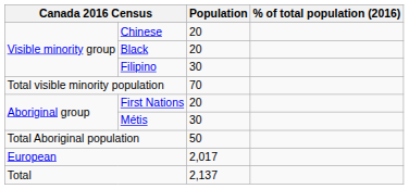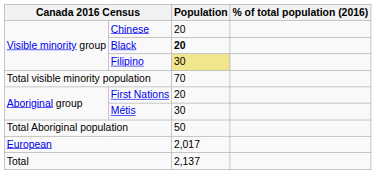 <table class="wikitable">
 <tr>
 <th colspan="2">Canada 2016 Census</th>
 <th>Population</th>
 <th>% of total population (2016)</th>
 </tr>
 <tr>
 <td rowspan="3"><a href='#'>Visible minority</a> group</td>
 <td><a href='#'>Chinese</a></td>
 <td>20</td>
 <td></td>
 </tr>
 <tr>
 <td><a href='#'>Black</a></td>
-<td>20</td>
+<td><strong>20</strong></td>
 <td></td>
 </tr>
 <tr>
 <td><a href='#'>Filipino</a></td>
-<td>30</td>
+<td style="background: khaki;">30</td>
 <td></td>
 </tr>
 <tr>
 <td colspan="2">Total visible minority population</td>
 <td>70</td>
 <td></td>
 </tr>
 <tr>
 <td rowspan="2"><a href='#'>Aboriginal</a> group</td>
 <td><a href='#'>First Nations</a></td>
 <td>20</td>
 <td></td>
 </tr>
 <tr>
 <td><a href='#'>Métis</a></td>
 <td>30</td>
 <td></td>
 </tr>
 <tr>
 <td colspan="2">Total Aboriginal population</td>
 <td>50</td>
 <td></td>
 </tr>
 <tr>
 <td colspan="2"><a href='#'>European</a></td>
 <td>2,017</td>
 <td></td>
 </tr>
 <tr>
 <td colspan="2">Total</td>
 <td>2,137</td>
 <td></td>
 </tr>
 </table>
